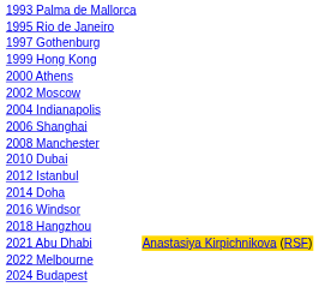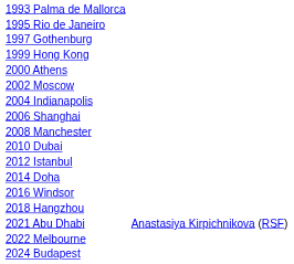 <table>
 <tr>
 <td><a href='#'>1993 Palma de Mallorca</a></td>
 <td></td>
 <td></td>
 <td></td>
 </tr>
 <tr>
 <td><a href='#'>1995 Rio de Janeiro</a></td>
 <td></td>
 <td></td>
 <td></td>
 </tr>
 <tr>
 <td><a href='#'>1997 Gothenburg</a></td>
 <td></td>
 <td></td>
 <td></td>
 </tr>
 <tr>
 <td><a href='#'>1999 Hong Kong</a></td>
 <td></td>
 <td></td>
 <td></td>
 </tr>
 <tr>
 <td><a href='#'>2000 Athens</a></td>
 <td></td>
 <td></td>
 <td></td>
 </tr>
 <tr>
 <td><a href='#'>2002 Moscow</a></td>
 <td></td>
 <td></td>
 <td></td>
 </tr>
 <tr>
 <td><a href='#'>2004 Indianapolis</a></td>
 <td></td>
 <td></td>
 <td></td>
 </tr>
 <tr>
 <td><a href='#'>2006 Shanghai</a></td>
 <td></td>
 <td></td>
 <td></td>
 </tr>
 <tr>
 <td><a href='#'>2008 Manchester</a></td>
 <td></td>
 <td></td>
 <td></td>
 </tr>
 <tr>
 <td><a href='#'>2010 Dubai</a></td>
 <td></td>
 <td></td>
 <td></td>
 </tr>
 <tr>
 <td><a href='#'>2012 Istanbul</a></td>
 <td></td>
 <td></td>
 <td></td>
 </tr>
 <tr>
 <td><a href='#'>2014 Doha</a></td>
 <td></td>
 <td></td>
 <td></td>
 </tr>
 <tr>
 <td><a href='#'>2016 Windsor</a></td>
 <td></td>
 <td></td>
 <td></td>
 </tr>
 <tr>
 <td><a href='#'>2018 Hangzhou</a></td>
 <td></td>
 <td></td>
 <td></td>
 </tr>
 <tr>
 <td><a href='#'>2021 Abu Dhabi</a></td>
 <td></td>
-<td style="background: gold;"><a href='#'>Anastasiya Kirpichnikova</a> (<a href='#'>RSF</a>)</td>
+<td><a href='#'>Anastasiya Kirpichnikova</a> (<a href='#'>RSF</a>)</td>
 <td></td>
 </tr>
 <tr>
 <td><a href='#'>2022 Melbourne</a></td>
 <td></td>
 <td></td>
 <td></td>
 </tr>
 <tr>
 <td><a href='#'>2024 Budapest</a></td>
 <td></td>
 <td></td>
 <td></td>
 </tr>
 </table>
